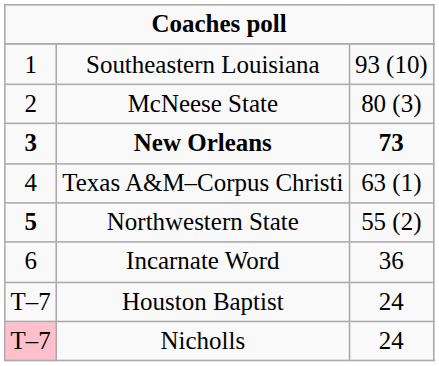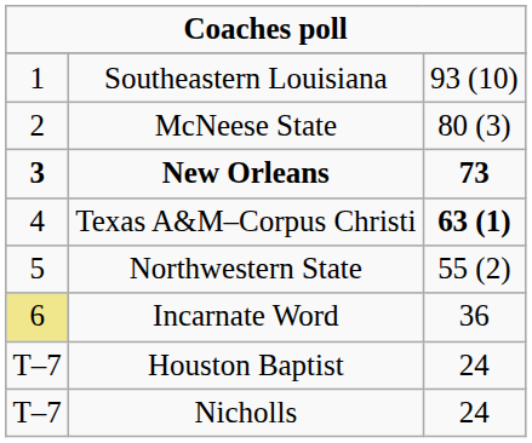 <table class="wikitable">
 <tr align="center">
 <td align="center" Colspan="3"><strong>Coaches poll</strong></td>
 </tr>
 <tr align="center">
 </tr>
 <tr align="center">
 <td>1</td>
 <td>Southeastern Louisiana</td>
 <td>93 (10)</td>
 </tr>
 <tr align="center">
 <td>2</td>
 <td>McNeese State</td>
 <td>80 (3)</td>
 </tr>
 <tr align="center">
 <td><strong>3</strong></td>
 <td><strong>New Orleans</strong></td>
 <td><strong>73</strong></td>
 </tr>
 <tr align="center">
 <td>4</td>
 <td>Texas A&M–Corpus Christi</td>
-<td>63 (1)</td>
+<td><strong>63 (1)</strong></td>
 </tr>
 <tr align="center">
-<td><strong>5</strong></td>
+<td>5</td>
 <td>Northwestern State</td>
 <td>55 (2)</td>
 </tr>
 <tr align="center">
-<td>6</td>
+<td style="background: khaki;">6</td>
 <td>Incarnate Word</td>
 <td>36</td>
 </tr>
 <tr align="center">
 <td>T–7</td>
 <td>Houston Baptist</td>
 <td>24</td>
 </tr>
 <tr align="center">
-<td style="background: pink;">T–7</td>
+<td>T–7</td>
 <td>Nicholls</td>
 <td>24</td>
 </tr>
 </table>
